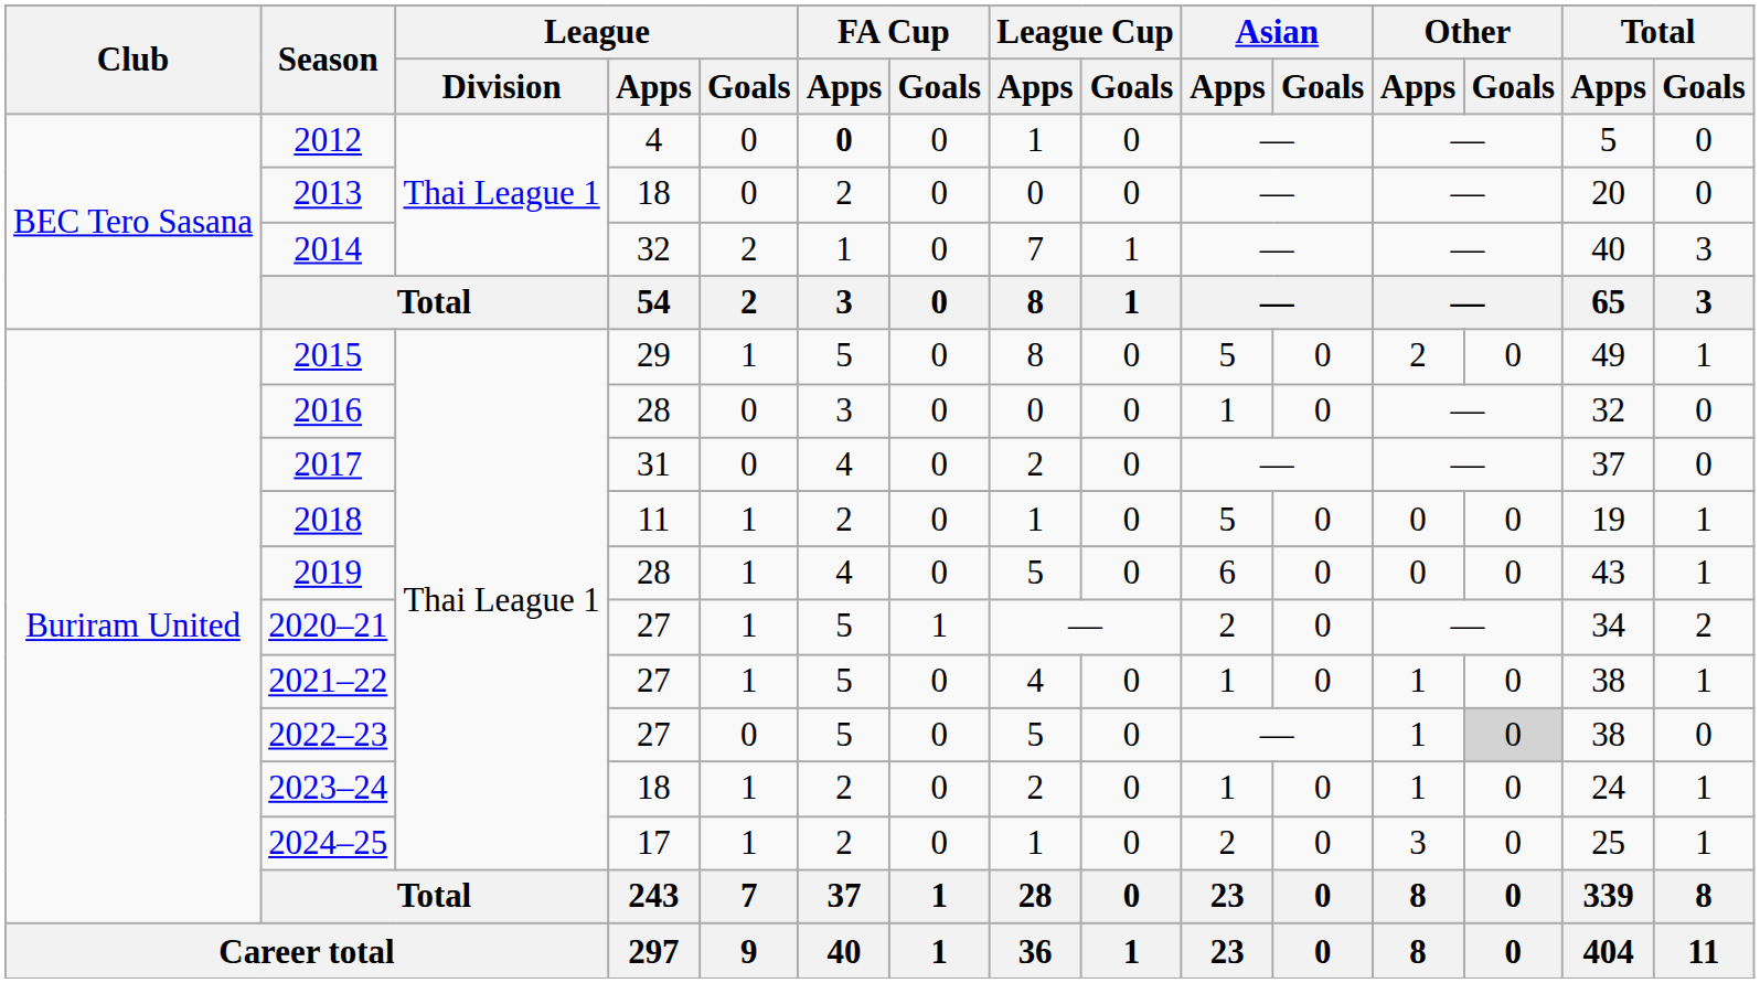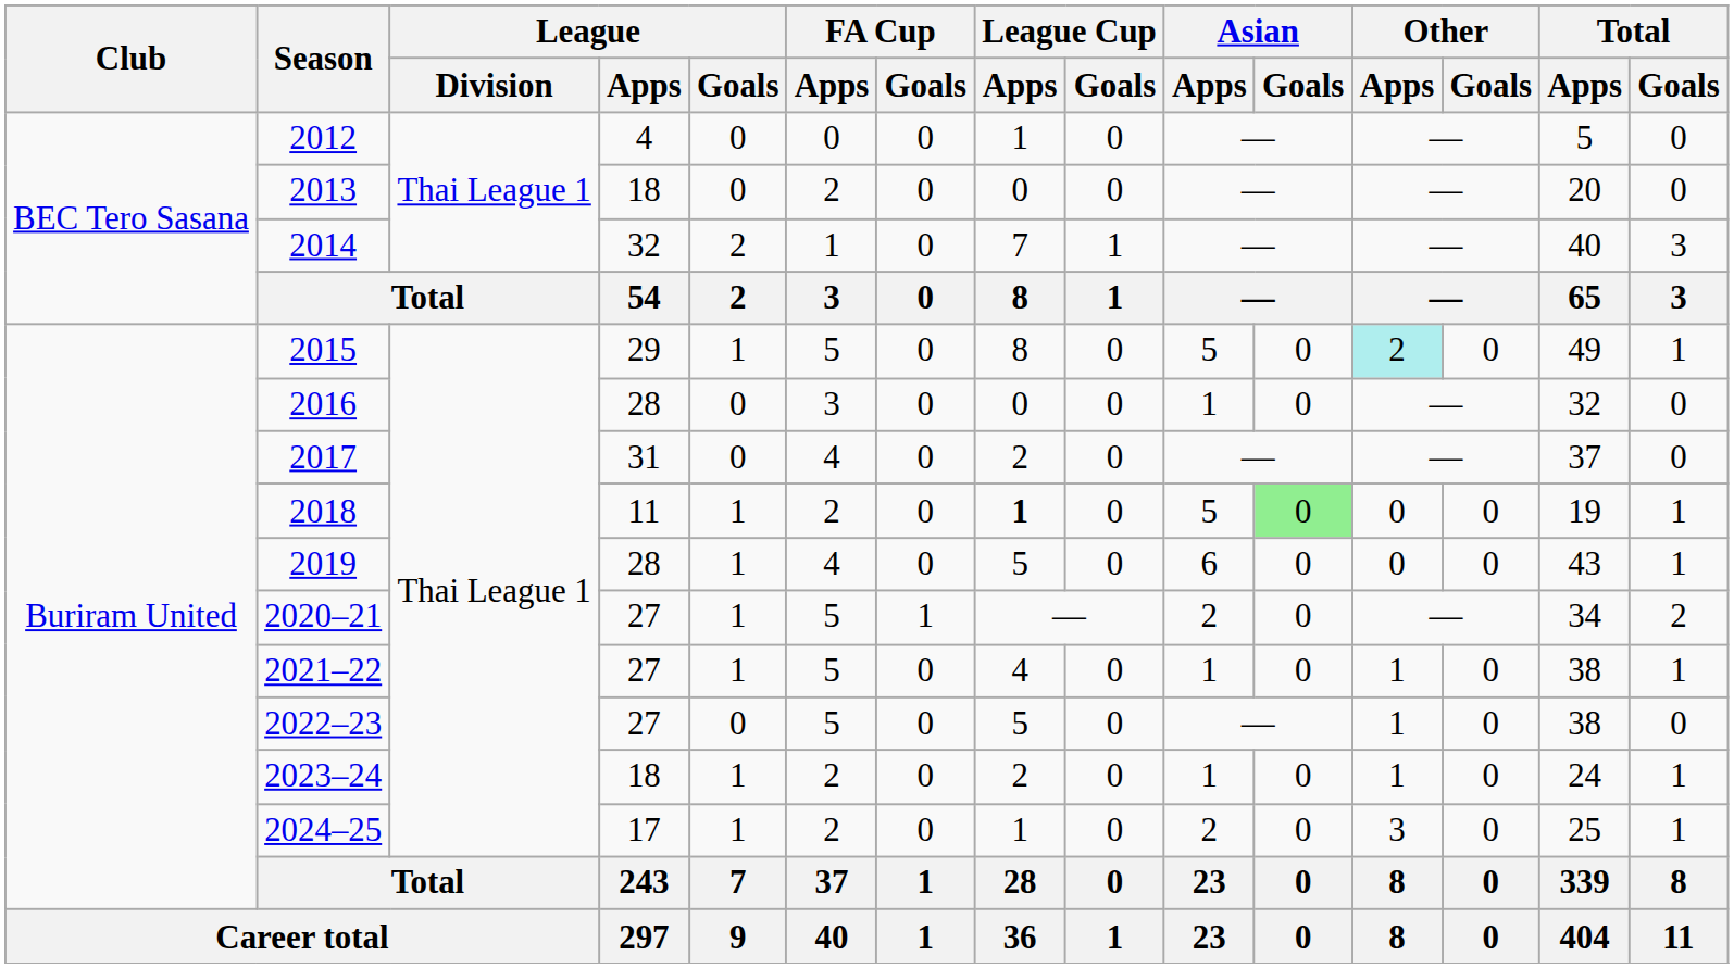 <table class="wikitable" style="text-align:center;">
 <tr>
 <th rowspan="2">Club</th>
 <th rowspan="2">Season</th>
 <th colspan="3">League</th>
 <th colspan="2">FA Cup</th>
 <th colspan="2">League Cup</th>
 <th colspan="2"><a href='#'>Asian</a></th>
 <th colspan="2">Other</th>
 <th colspan="2">Total</th>
 </tr>
 <tr>
 <th>Division</th>
 <th>Apps</th>
 <th>Goals</th>
 <th>Apps</th>
 <th>Goals</th>
 <th>Apps</th>
 <th>Goals</th>
 <th>Apps</th>
 <th>Goals</th>
 <th>Apps</th>
 <th>Goals</th>
 <th>Apps</th>
 <th>Goals</th>
 </tr>
 <tr>
 <td rowspan="4"><a href='#'>BEC Tero Sasana</a></td>
 <td><a href='#'>2012</a></td>
 <td rowspan="3"><a href='#'>Thai League 1</a></td>
 <td>4</td>
 <td>0</td>
-<td><strong>0</strong></td>
+<td>0</td>
 <td>0</td>
 <td>1</td>
 <td>0</td>
 <td colspan="2">—</td>
 <td colspan="2">—</td>
 <td>5</td>
 <td>0</td>
 </tr>
 <tr>
 <td><a href='#'>2013</a></td>
 <td>18</td>
 <td>0</td>
 <td>2</td>
 <td>0</td>
 <td>0</td>
 <td>0</td>
 <td colspan="2">—</td>
 <td colspan="2">—</td>
 <td>20</td>
 <td>0</td>
 </tr>
 <tr>
 <td><a href='#'>2014</a></td>
 <td>32</td>
 <td>2</td>
 <td>1</td>
 <td>0</td>
 <td>7</td>
 <td>1</td>
 <td colspan="2">—</td>
 <td colspan="2">—</td>
 <td>40</td>
 <td>3</td>
 </tr>
 <tr>
 <th colspan=2>Total</th>
 <th>54</th>
 <th>2</th>
 <th>3</th>
 <th>0</th>
 <th>8</th>
 <th>1</th>
 <th colspan="2">—</th>
 <th colspan="2">—</th>
 <th>65</th>
 <th>3</th>
 </tr>
 <tr>
 <td rowspan="11"><a href='#'>Buriram United</a></td>
 <td><a href='#'>2015</a></td>
 <td rowspan="10">Thai League 1</td>
 <td>29</td>
 <td>1</td>
 <td>5</td>
 <td>0</td>
 <td>8</td>
 <td>0</td>
 <td>5</td>
 <td>0</td>
-<td>2</td>
+<td style="background: paleturquoise;">2</td>
 <td>0</td>
 <td>49</td>
 <td>1</td>
 </tr>
 <tr>
 <td><a href='#'>2016</a></td>
 <td>28</td>
 <td>0</td>
 <td>3</td>
 <td>0</td>
 <td>0</td>
 <td>0</td>
 <td>1</td>
 <td>0</td>
 <td colspan="2">—</td>
 <td>32</td>
 <td>0</td>
 </tr>
 <tr>
 <td><a href='#'>2017</a></td>
 <td>31</td>
 <td>0</td>
 <td>4</td>
 <td>0</td>
 <td>2</td>
 <td>0</td>
 <td colspan="2">—</td>
 <td colspan="2">—</td>
 <td>37</td>
 <td>0</td>
 </tr>
 <tr>
 <td><a href='#'>2018</a></td>
 <td>11</td>
 <td>1</td>
 <td>2</td>
 <td>0</td>
-<td>1</td>
+<td><strong>1</strong></td>
 <td>0</td>
 <td>5</td>
-<td>0</td>
+<td style="background: lightgreen;">0</td>
 <td>0</td>
 <td>0</td>
 <td>19</td>
 <td>1</td>
 </tr>
 <tr>
 <td><a href='#'>2019</a></td>
 <td>28</td>
 <td>1</td>
 <td>4</td>
 <td>0</td>
 <td>5</td>
 <td>0</td>
 <td>6</td>
 <td>0</td>
 <td>0</td>
 <td>0</td>
 <td>43</td>
 <td>1</td>
 </tr>
 <tr>
 <td><a href='#'>2020–21</a></td>
 <td>27</td>
 <td>1</td>
 <td>5</td>
 <td>1</td>
 <td colspan="2">—</td>
 <td>2</td>
 <td>0</td>
 <td colspan="2">—</td>
 <td>34</td>
 <td>2</td>
 </tr>
 <tr>
 <td><a href='#'>2021–22</a></td>
 <td>27</td>
 <td>1</td>
 <td>5</td>
 <td>0</td>
 <td>4</td>
 <td>0</td>
 <td>1</td>
 <td>0</td>
 <td>1</td>
 <td>0</td>
 <td>38</td>
 <td>1</td>
 </tr>
 <tr>
 <td><a href='#'>2022–23</a></td>
 <td>27</td>
 <td>0</td>
 <td>5</td>
 <td>0</td>
 <td>5</td>
 <td>0</td>
 <td colspan="2">—</td>
 <td>1</td>
-<td style="background: lightgrey;">0</td>
+<td>0</td>
 <td>38</td>
 <td>0</td>
 </tr>
 <tr>
 <td><a href='#'>2023–24</a></td>
 <td>18</td>
 <td>1</td>
 <td>2</td>
 <td>0</td>
 <td>2</td>
 <td>0</td>
 <td>1</td>
 <td>0</td>
 <td>1</td>
 <td>0</td>
 <td>24</td>
 <td>1</td>
 </tr>
 <tr>
 <td><a href='#'>2024–25</a></td>
 <td>17</td>
 <td>1</td>
 <td>2</td>
 <td>0</td>
 <td>1</td>
 <td>0</td>
 <td>2</td>
 <td>0</td>
 <td>3</td>
 <td>0</td>
 <td>25</td>
 <td>1</td>
 </tr>
 <tr>
 <th colspan=2>Total</th>
 <th>243</th>
 <th>7</th>
 <th>37</th>
 <th>1</th>
 <th>28</th>
 <th>0</th>
 <th>23</th>
 <th>0</th>
 <th>8</th>
 <th>0</th>
 <th>339</th>
 <th>8</th>
 </tr>
 <tr>
 <th colspan="3">Career total</th>
 <th>297</th>
 <th>9</th>
 <th>40</th>
 <th>1</th>
 <th>36</th>
 <th>1</th>
 <th>23</th>
 <th>0</th>
 <th>8</th>
 <th>0</th>
 <th>404</th>
 <th>11</th>
 </tr>
 <tr>
 </tr>
 </table>
